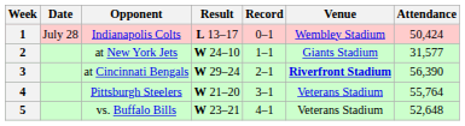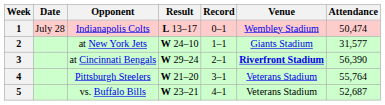 <table class="wikitable" style="text-align:center">
 <tr>
 <th>Week</th>
 <th>Date</th>
 <th>Opponent</th>
 <th>Result</th>
 <th>Record</th>
 <th>Venue</th>
 <th>Attendance</th>
 </tr>
 <tr style="background:#fcc">
 <th>1</th>
 <td>July 28</td>
 <td><a href='#'>Indianapolis Colts</a></td>
 <td><strong>L</strong> 13–17</td>
 <td>0–1</td>
 <td><a href='#'>Wembley Stadium</a></td>
-<td>50,424</td>
+<td>50,474</td>
 </tr>
 <tr style="background:#cfc">
 <th>2</th>
 <td></td>
 <td>at <a href='#'>New York Jets</a></td>
 <td><strong>W</strong> 24–10</td>
 <td>1–1</td>
 <td><a href='#'>Giants Stadium</a></td>
 <td>31,577</td>
 </tr>
 <tr style="background:#cfc">
 <th>3</th>
 <td></td>
 <td>at <a href='#'>Cincinnati Bengals</a></td>
 <td><strong>W</strong> 29–24</td>
 <td>2–1</td>
 <td><strong><a href='#'>Riverfront Stadium</a></strong></td>
 <td>56,390</td>
 </tr>
 <tr style="background:#cfc">
 <th>4</th>
 <td></td>
 <td><a href='#'>Pittsburgh Steelers</a></td>
 <td><strong>W</strong> 21–20</td>
 <td>3–1</td>
 <td><a href='#'>Veterans Stadium</a></td>
 <td>55,764</td>
 </tr>
 <tr style="background:#cfc">
 <th>5</th>
 <td></td>
 <td>vs. <a href='#'>Buffalo Bills</a></td>
 <td><strong>W</strong> 23–21</td>
 <td>4–1</td>
 <td>Veterans Stadium</td>
-<td>52,648</td>
+<td>52,687</td>
 </tr>
 </table>
